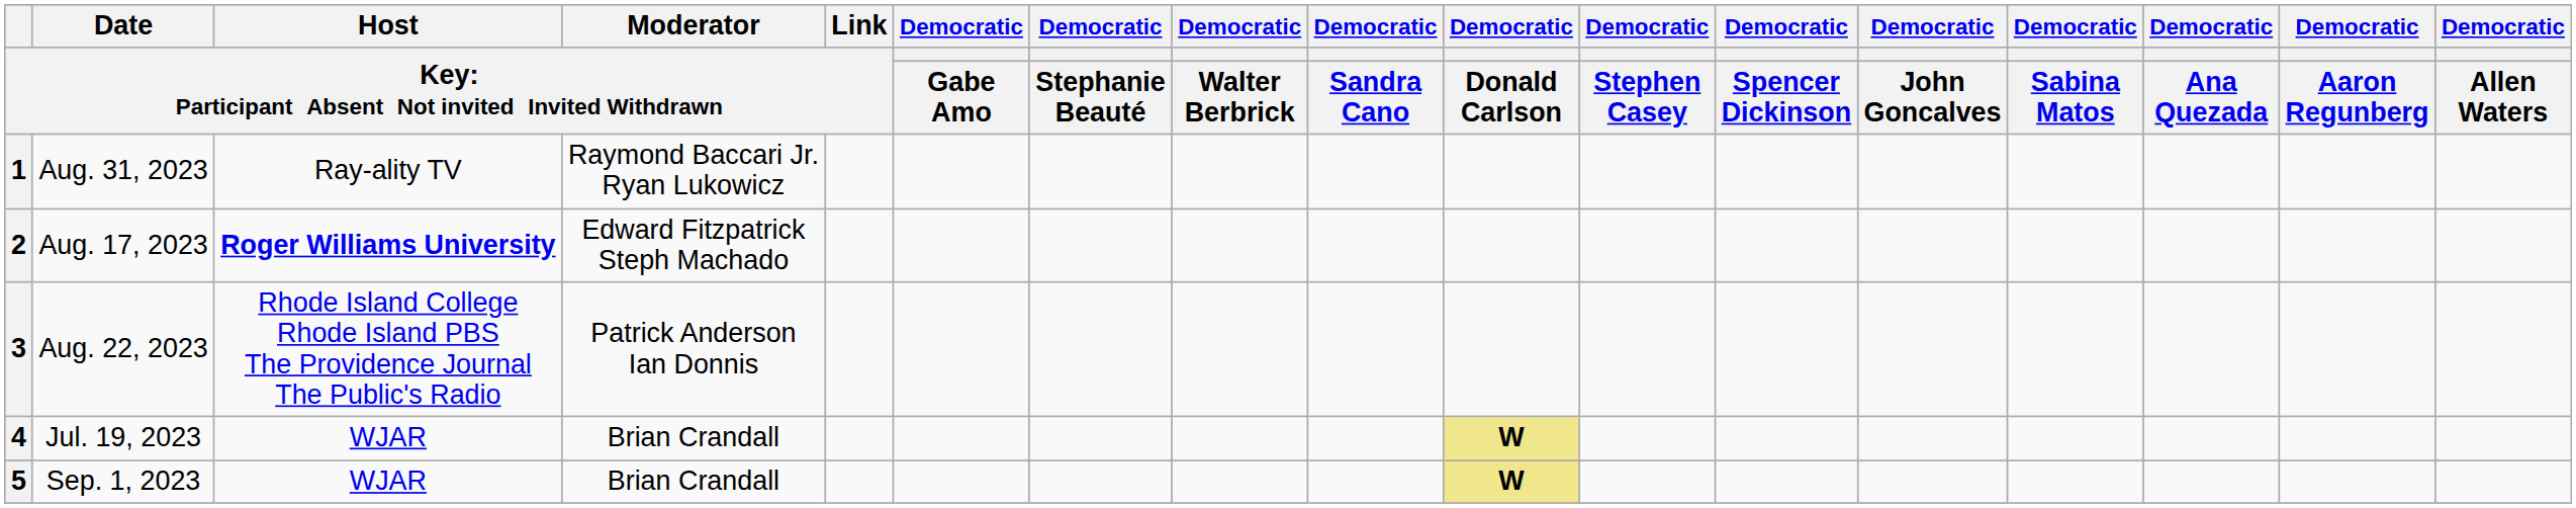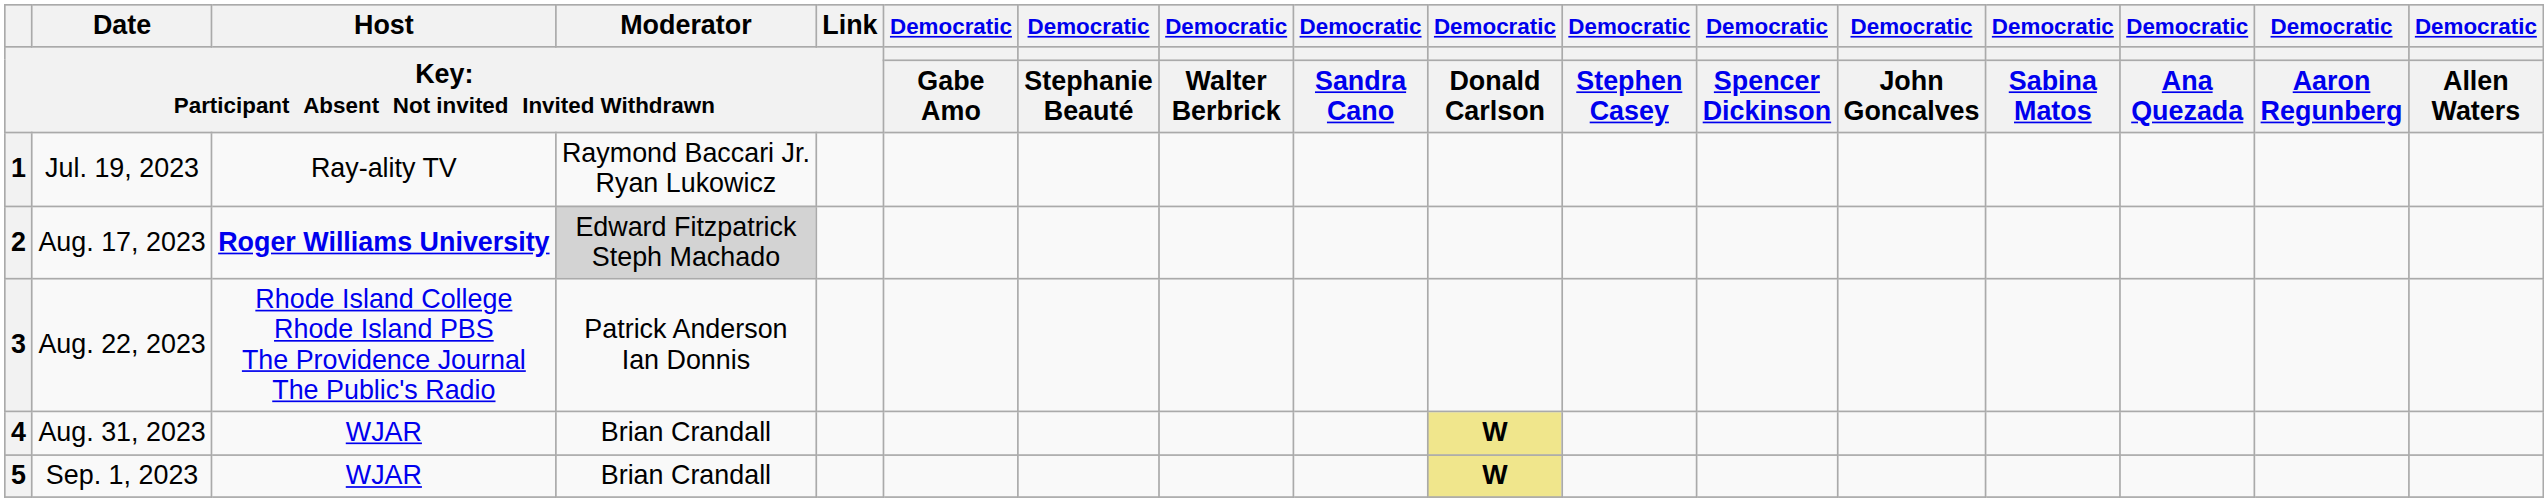 <table class="wikitable" style="text-align:center;">
 <tr>
 <th scope="col"></th>
 <th scope="col">Date</th>
 <th scope="col">Host</th>
 <th scope="col">Moderator</th>
 <th scope="col">Link</th>
 <th scope="col"><small><a href='#'>Democratic</a></small></th>
 <th scope="col"><small><a href='#'>Democratic</a></small></th>
 <th scope="col"><small><a href='#'>Democratic</a></small></th>
 <th scope="col"><small><a href='#'>Democratic</a></small></th>
 <th scope="col"><small><a href='#'>Democratic</a></small></th>
 <th scope="col"><small><a href='#'>Democratic</a></small></th>
 <th scope="col"><small><a href='#'>Democratic</a></small></th>
 <th scope="col"><small><a href='#'>Democratic</a></small></th>
 <th scope="col"><small><a href='#'>Democratic</a></small></th>
 <th scope="col"><small><a href='#'>Democratic</a></small></th>
 <th scope="col"><small><a href='#'>Democratic</a></small></th>
 <th scope="col"><small><a href='#'>Democratic</a></small></th>
 </tr>
 <tr>
 <th colspan="5" rowspan="2">Key:<br> <small>Participant </small>  <small>Absent </small>  <small>Not invited </small>  <small>Invited  Withdrawn</small></th>
 <th scope="col" style="background:"></th>
 <th scope="col" style="background:"></th>
 <th scope="col" style="background:"></th>
 <th scope="col" style="background:"></th>
 <th scope="col" style="background:"></th>
 <th scope="col" style="background:"></th>
 <th scope="col" style="background:"></th>
 <th scope="col" style="background:"></th>
 <th scope="col" style="background:"></th>
 <th scope="col" style="background:"></th>
 <th scope="col" style="background:"></th>
 <th scope="col" style="background:"></th>
 </tr>
 <tr>
 <th scope="col">Gabe Amo</th>
 <th scope="col">Stephanie Beauté</th>
 <th scope="col">Walter Berbrick</th>
 <th scope="col"><a href='#'>Sandra Cano</a></th>
 <th scope="col">Donald Carlson</th>
 <th scope="col"><a href='#'>Stephen Casey</a></th>
 <th scope="col"><a href='#'>Spencer Dickinson</a></th>
 <th scope="col">John Goncalves</th>
 <th scope="col"><a href='#'>Sabina Matos</a></th>
 <th scope="col"><a href='#'>Ana Quezada</a></th>
 <th scope="col"><a href='#'>Aaron Regunberg</a></th>
 <th scope="col">Allen Waters</th>
 </tr>
 <tr>
 <th>1</th>
-<td style="white-space:nowrap;">Aug. 31, 2023</td>
+<td style="white-space:nowrap;">Jul. 19, 2023</td>
 <td style="white-space:nowrap;">Ray-ality TV</td>
 <td style="white-space:nowrap;">Raymond Baccari Jr.<br>Ryan Lukowicz</td>
 <td style="white-space:nowrap;"><br></td>
 <td></td>
 <td></td>
 <td></td>
 <td></td>
 <td></td>
 <td></td>
 <td></td>
 <td></td>
 <td></td>
 <td></td>
 <td></td>
 <td></td>
 </tr>
 <tr>
 <th>2</th>
 <td style="white-space:nowrap;">Aug. 17, 2023</td>
 <td style="white-space:nowrap;"><strong><a href='#'>Roger Williams University</a></strong></td>
-<td style="white-space:nowrap;">Edward Fitzpatrick<br>Steph Machado</td>
+<td style="background: lightgrey; white-space:nowrap;">Edward Fitzpatrick<br>Steph Machado</td>
 <td style="white-space:nowrap;"></td>
 <td></td>
 <td></td>
 <td></td>
 <td></td>
 <td></td>
 <td></td>
 <td></td>
 <td></td>
 <td></td>
 <td></td>
 <td></td>
 <td></td>
 </tr>
 <tr>
 <th>3</th>
 <td style="white-space:nowrap;">Aug. 22, 2023</td>
 <td style="white-space:nowrap;"><a href='#'>Rhode Island College</a><br><a href='#'>Rhode Island PBS</a><br><a href='#'>The Providence Journal</a><br><a href='#'>The Public's Radio</a></td>
 <td style="white-space:nowrap;">Patrick Anderson<br>Ian Donnis</td>
 <td style="white-space:nowrap;"></td>
 <td></td>
 <td></td>
 <td></td>
 <td></td>
 <td></td>
 <td></td>
 <td></td>
 <td></td>
 <td></td>
 <td></td>
 <td></td>
 <td></td>
 </tr>
 <tr>
 <th>4</th>
-<td style="white-space:nowrap;">Jul. 19, 2023</td>
+<td style="white-space:nowrap;">Aug. 31, 2023</td>
 <td style="white-space:nowrap;"><a href='#'>WJAR</a></td>
 <td style="white-space:nowrap;">Brian Crandall</td>
 <td style="white-space:nowrap;"></td>
 <td></td>
 <td></td>
 <td></td>
 <td></td>
 <td style="background-color:#f0e68c;"><strong>W</strong></td>
 <td></td>
 <td></td>
 <td></td>
 <td></td>
 <td></td>
 <td></td>
 <td></td>
 </tr>
 <tr>
 <th>5</th>
 <td style="white-space:nowrap;">Sep. 1, 2023</td>
 <td style="white-space:nowrap;"><a href='#'>WJAR</a></td>
 <td style="white-space:nowrap;">Brian Crandall</td>
 <td style="white-space:nowrap;"></td>
 <td></td>
 <td></td>
 <td></td>
 <td></td>
 <td style="background-color:#f0e68c;"><strong>W</strong></td>
 <td></td>
 <td></td>
 <td></td>
 <td></td>
 <td></td>
 <td></td>
 <td></td>
 </tr>
 </table>
